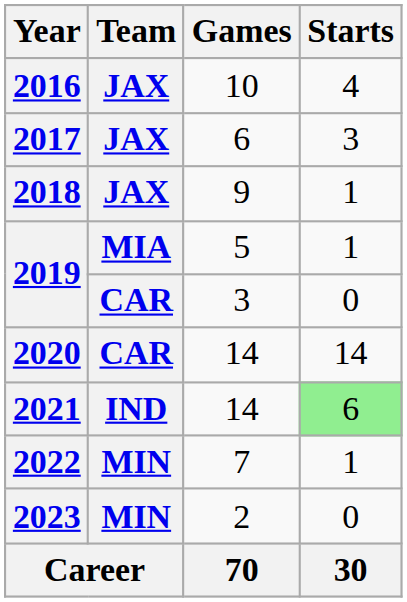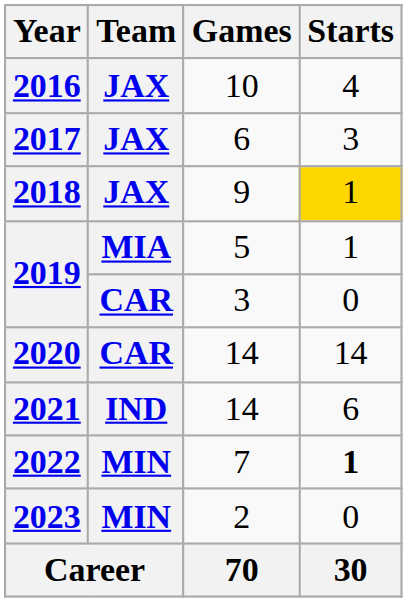 <table class="wikitable" style="text-align: center;">
 <tr>
 <th>Year</th>
 <th>Team</th>
 <th>Games</th>
 <th>Starts</th>
 </tr>
 <tr>
 <th><a href='#'>2016</a></th>
 <th><a href='#'>JAX</a></th>
 <td>10</td>
 <td>4</td>
 </tr>
 <tr>
 <th><a href='#'>2017</a></th>
 <th><a href='#'>JAX</a></th>
 <td>6</td>
 <td>3</td>
 </tr>
 <tr>
 <th><a href='#'>2018</a></th>
 <th><a href='#'>JAX</a></th>
 <td>9</td>
-<td>1</td>
+<td style="background: gold;">1</td>
 </tr>
 <tr>
 <th rowspan="2"><a href='#'>2019</a></th>
 <th><a href='#'>MIA</a></th>
 <td>5</td>
 <td>1</td>
 </tr>
 <tr>
 <th><a href='#'>CAR</a></th>
 <td>3</td>
 <td>0</td>
 </tr>
 <tr>
 <th><a href='#'>2020</a></th>
 <th><a href='#'>CAR</a></th>
 <td>14</td>
 <td>14</td>
 </tr>
 <tr>
 <th><a href='#'>2021</a></th>
 <th><a href='#'>IND</a></th>
 <td>14</td>
-<td style="background: lightgreen;">6</td>
+<td>6</td>
 </tr>
 <tr>
 <th><a href='#'>2022</a></th>
 <th><a href='#'>MIN</a></th>
 <td>7</td>
-<td>1</td>
+<td><strong>1</strong></td>
 </tr>
 <tr>
 <th><a href='#'>2023</a></th>
 <th><a href='#'>MIN</a></th>
 <td>2</td>
 <td>0</td>
 </tr>
 <tr>
 <th colspan="2">Career</th>
 <th>70</th>
 <th>30</th>
 </tr>
 </table>
